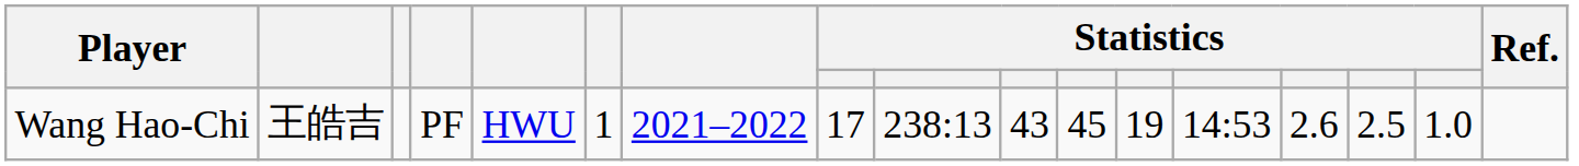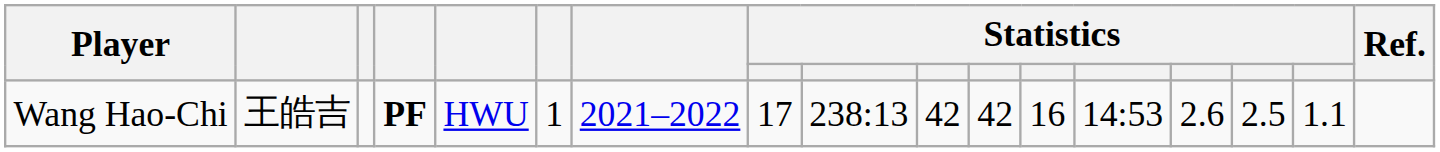 <table class="wikitable sortable" style="font-size:95%; text-align:right;">
 <tr>
 <th rowspan="2">Player</th>
 <th rowspan="2"></th>
 <th rowspan="2"></th>
 <th rowspan="2"></th>
 <th rowspan="2"></th>
 <th rowspan="2"></th>
 <th rowspan="2"></th>
 <th colspan="9">Statistics</th>
 <th rowspan="2">Ref.</th>
 </tr>
 <tr>
 <th></th>
 <th></th>
 <th></th>
 <th></th>
 <th></th>
 <th></th>
 <th></th>
 <th></th>
 <th></th>
 </tr>
 <tr>
 <td align="left">Wang Hao-Chi</td>
 <td align="left">王皓吉</td>
 <td align="center"></td>
-<td align="center">PF</td>
+<td align="center"><strong>PF</strong></td>
 <td align="left"><a href='#'>HWU</a></td>
 <td align="center">1</td>
 <td align="center"><a href='#'>2021–2022</a></td>
 <td>17</td>
 <td>238:13</td>
-<td>43</td>
-<td>45</td>
-<td>19</td>
+<td>42</td>
+<td>42</td>
+<td>16</td>
 <td>14:53</td>
 <td>2.6</td>
 <td>2.5</td>
-<td>1.0</td>
+<td>1.1</td>
 <td align="center"></td>
 </tr>
 </table>
